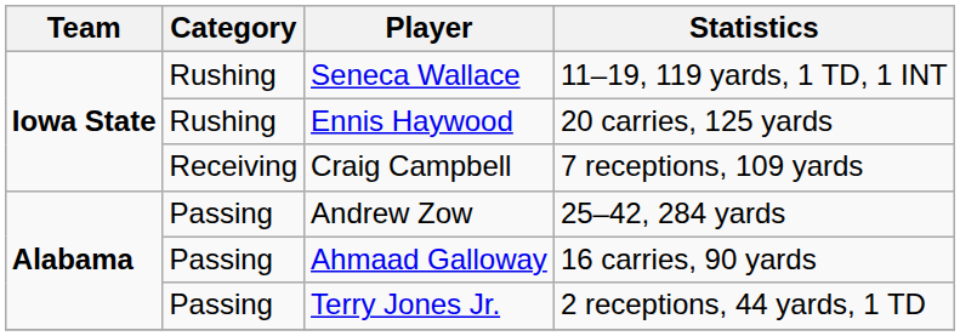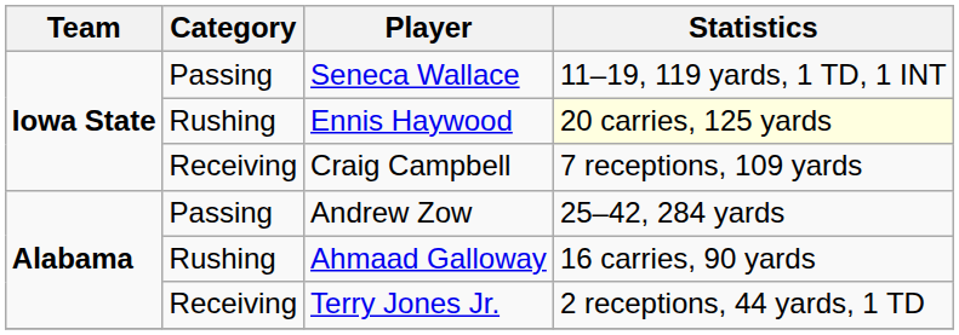 <table class="wikitable" style="float: right;">
 <tr>
 <th>Team</th>
 <th>Category</th>
 <th>Player</th>
 <th>Statistics</th>
 </tr>
 <tr>
 <td rowspan=3><strong>Iowa State</strong></td>
-<td>Rushing</td>
+<td>Passing</td>
 <td><a href='#'>Seneca Wallace</a></td>
 <td>11–19, 119 yards, 1 TD, 1 INT</td>
 </tr>
 <tr>
 <td>Rushing</td>
 <td><a href='#'>Ennis Haywood</a></td>
-<td>20 carries, 125 yards</td>
+<td style="background: lightyellow;">20 carries, 125 yards</td>
 </tr>
 <tr>
 <td>Receiving</td>
 <td>Craig Campbell</td>
 <td>7 receptions, 109 yards</td>
 </tr>
 <tr>
 <td rowspan=3><strong>Alabama</strong></td>
 <td>Passing</td>
 <td>Andrew Zow</td>
 <td>25–42, 284 yards</td>
 </tr>
 <tr>
-<td>Passing</td>
+<td>Rushing</td>
 <td><a href='#'>Ahmaad Galloway</a></td>
 <td>16 carries, 90 yards</td>
 </tr>
 <tr>
-<td>Passing</td>
+<td>Receiving</td>
 <td><a href='#'>Terry Jones Jr.</a></td>
 <td>2 receptions, 44 yards, 1 TD</td>
 </tr>
 <tr>
 </tr>
 </table>
